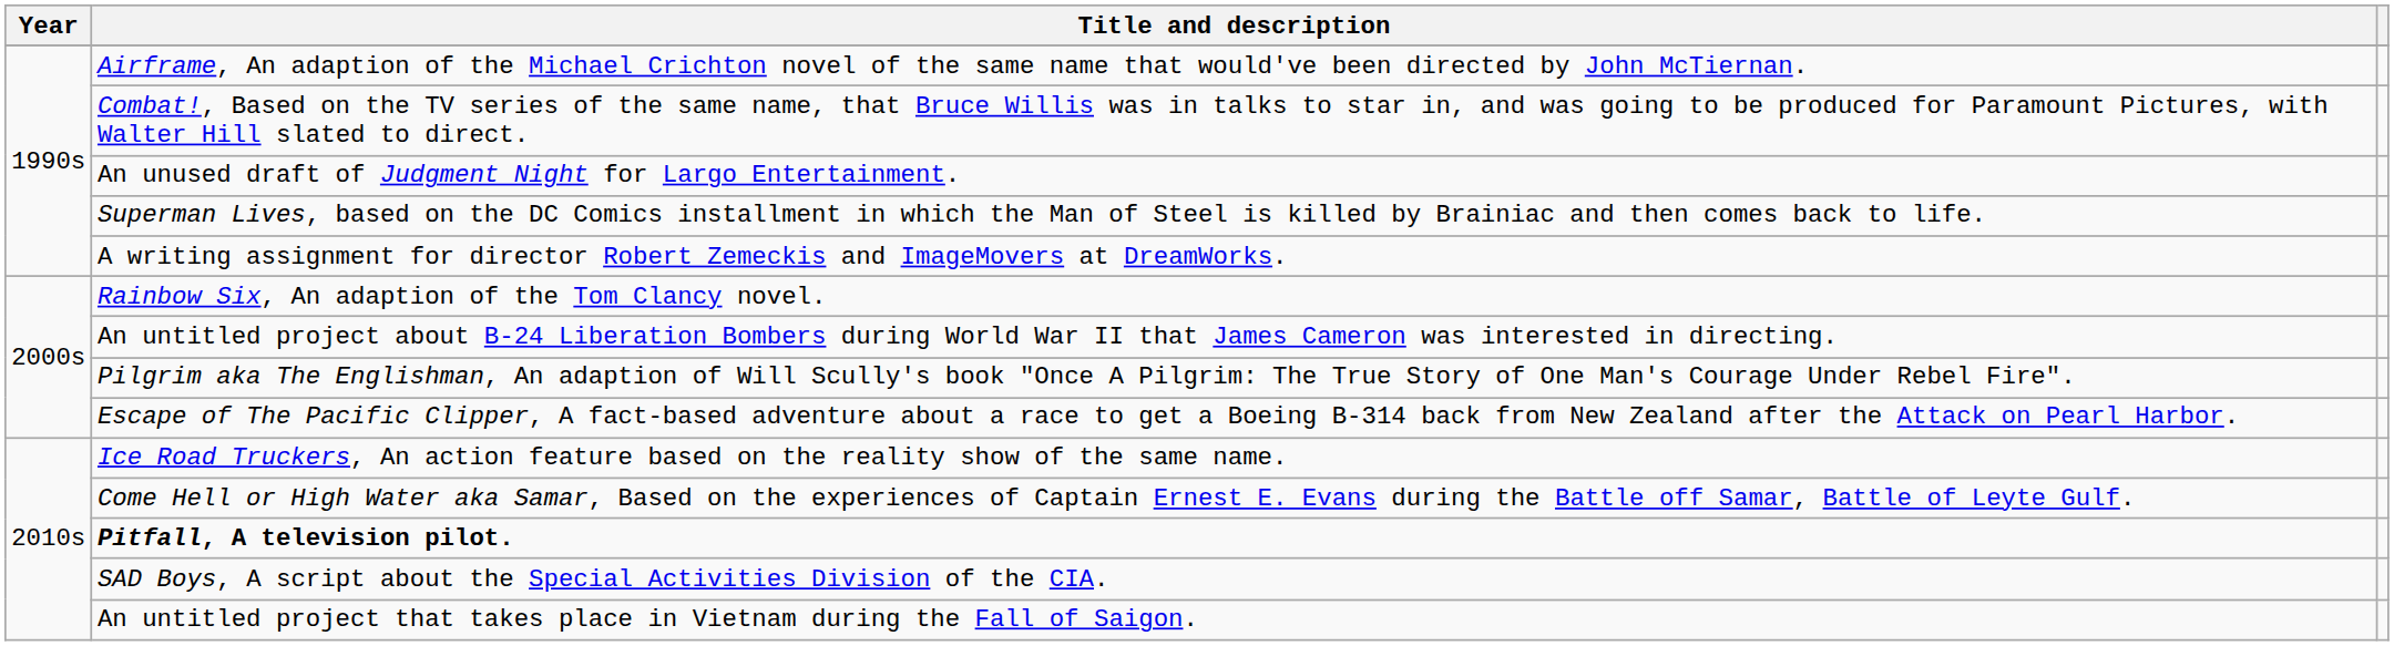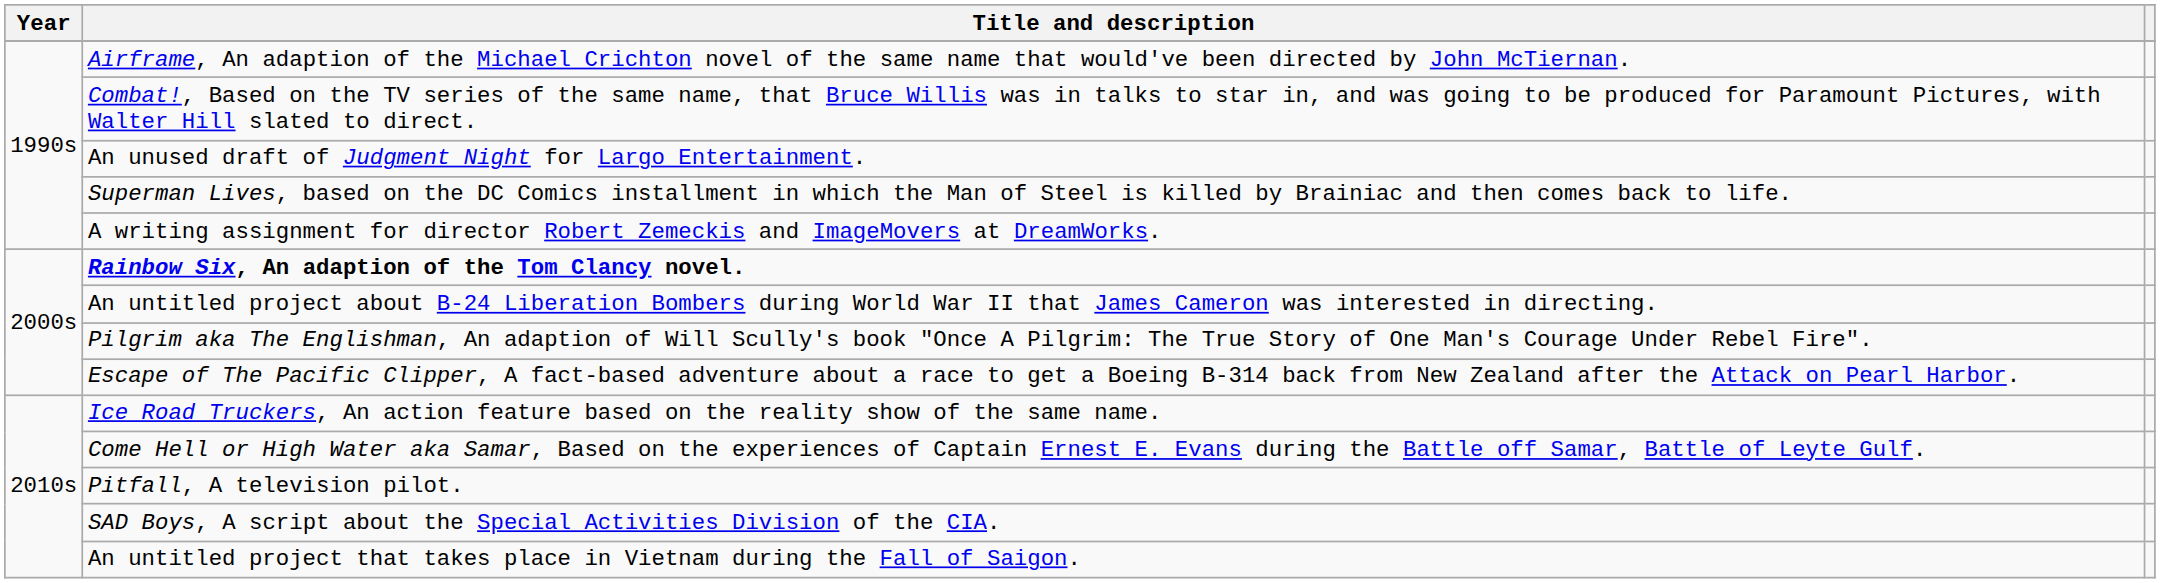 <table class="wikitable plainrowheaders">
 <tr>
 <th scope="col">Year</th>
 <th scope="col">Title and description</th>
 <th scope="col"></th>
 </tr>
 <tr>
 </tr>
 <tr>
 <td rowspan=5>1990s</td>
 <td><em><a href='#'>Airframe</a></em>, An adaption of the <a href='#'>Michael Crichton</a> novel of the same name that would've been directed by <a href='#'>John McTiernan</a>.</td>
 <td></td>
 </tr>
 <tr>
 <td><em><a href='#'>Combat!</a></em>, Based on the TV series of the same name, that <a href='#'>Bruce Willis</a> was in talks to star in, and was going to be produced for Paramount Pictures, with <a href='#'>Walter Hill</a> slated to direct.</td>
 <td></td>
 </tr>
 <tr>
 <td>An unused draft of <em><a href='#'>Judgment Night</a></em> for <a href='#'>Largo Entertainment</a>.</td>
 <td></td>
 </tr>
 <tr>
 <td><em>Superman Lives</em>, based on the DC Comics installment in which the Man of Steel is killed by Brainiac and then comes back to life.</td>
 <td></td>
 </tr>
 <tr>
 <td>A writing assignment for director <a href='#'>Robert Zemeckis</a> and <a href='#'>ImageMovers</a> at <a href='#'>DreamWorks</a>.</td>
 <td></td>
 </tr>
 <tr>
 <td rowspan=4>2000s</td>
-<td><em><a href='#'>Rainbow Six</a></em>, An adaption of the <a href='#'>Tom Clancy</a> novel.</td>
+<td><strong><em><a href='#'>Rainbow Six</a></em>, An adaption of the <a href='#'>Tom Clancy</a> novel.</strong></td>
 <td></td>
 </tr>
 <tr>
 <td>An untitled project about <a href='#'>B-24 Liberation Bombers</a> during World War II that <a href='#'>James Cameron</a> was interested in directing.</td>
 <td></td>
 </tr>
 <tr>
 <td><em>Pilgrim aka The Englishman</em>, An adaption of Will Scully's book "Once A Pilgrim: The True Story of One Man's Courage Under Rebel Fire".</td>
 <td></td>
 </tr>
 <tr>
 <td><em>Escape of The Pacific Clipper</em>, A fact-based adventure about a race to get a Boeing B-314 back from New Zealand after the <a href='#'>Attack on Pearl Harbor</a>.</td>
 <td></td>
 </tr>
 <tr>
 <td rowspan=5>2010s</td>
 <td><em><a href='#'>Ice Road Truckers</a></em>, An action feature based on the reality show of the same name.</td>
 <td></td>
 </tr>
 <tr>
 <td><em>Come Hell or High Water aka Samar</em>, Based on the experiences of Captain <a href='#'>Ernest E. Evans</a> during the <a href='#'>Battle off Samar</a>, <a href='#'>Battle of Leyte Gulf</a>.</td>
 <td></td>
 </tr>
 <tr>
-<td><strong><em>Pitfall</em>, A television pilot.</strong></td>
+<td><em>Pitfall</em>, A television pilot.</td>
 <td></td>
 </tr>
 <tr>
 <td><em>SAD Boys</em>, A script about the <a href='#'>Special Activities Division</a> of the <a href='#'>CIA</a>.</td>
 <td></td>
 </tr>
 <tr>
 <td>An untitled project that takes place in Vietnam during the <a href='#'>Fall of Saigon</a>.</td>
 <td></td>
 </tr>
 </table>
